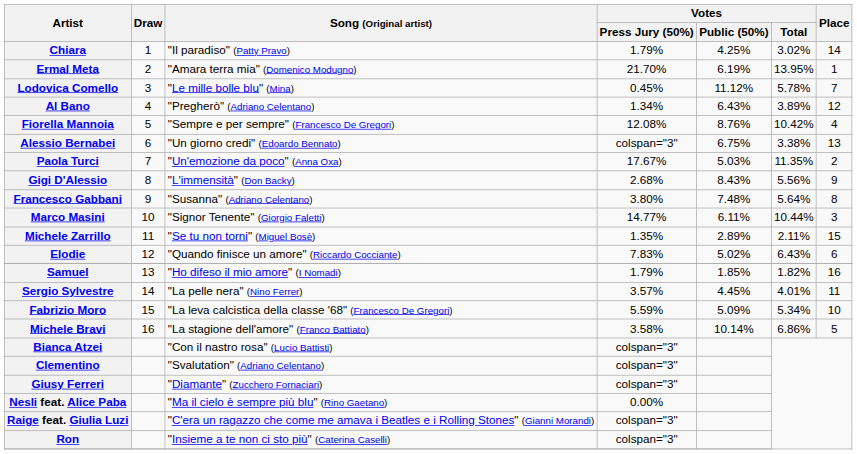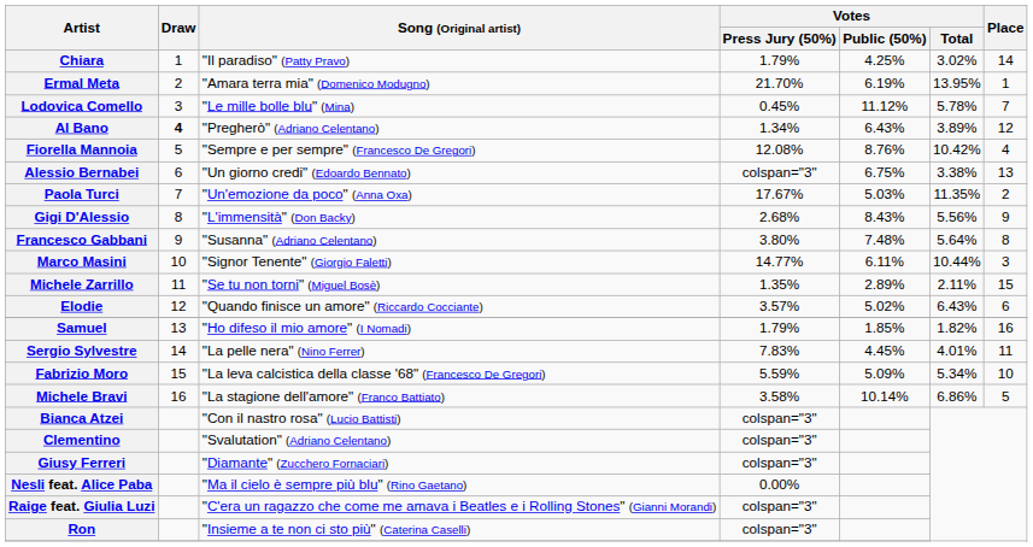 <table class="sortable wikitable plainrowheaders" style="text-align:center;">
 <tr>
 <th rowspan="2">Artist</th>
 <th rowspan="2">Draw</th>
 <th rowspan="2">Song <small>(Original artist)</small></th>
 <th colspan="3" class="unsortable">Votes</th>
 <th rowspan="2">Place</th>
 </tr>
 <tr>
 <th>Press Jury (50%)</th>
 <th>Public (50%)</th>
 <th>Total</th>
 </tr>
 <tr>
 <th scope="row"><a href='#'>Chiara</a></th>
 <td>1</td>
 <td style="text-align:left;">"Il paradiso" <small>(<a href='#'>Patty Pravo</a>)</small></td>
 <td>1.79%</td>
 <td>4.25%</td>
 <td>3.02%</td>
 <td>14</td>
 </tr>
 <tr>
 <th scope="row"><a href='#'>Ermal Meta</a></th>
 <td>2</td>
 <td style="text-align:left;">"Amara terra mia" <small>(<a href='#'>Domenico Modugno</a>)</small></td>
 <td>21.70%</td>
 <td>6.19%</td>
 <td>13.95%</td>
 <td align=center>1</td>
 </tr>
 <tr>
 <th scope="row"><a href='#'>Lodovica Comello</a></th>
 <td>3</td>
 <td style="text-align:left;">"<a href='#'>Le mille bolle blu</a>" <small>(<a href='#'>Mina</a>)</small></td>
 <td>0.45%</td>
 <td>11.12%</td>
 <td>5.78%</td>
 <td>7</td>
 </tr>
 <tr>
 <th scope="row"><a href='#'>Al Bano</a></th>
-<td>4</td>
+<td><strong>4</strong></td>
 <td style="text-align:left;">"Pregherò" <small>(<a href='#'>Adriano Celentano</a>)</small></td>
 <td>1.34%</td>
 <td>6.43%</td>
 <td>3.89%</td>
 <td>12</td>
 </tr>
 <tr>
 <th scope="row"><a href='#'>Fiorella Mannoia</a></th>
 <td>5</td>
 <td style="text-align:left;">"Sempre e per sempre" <small>(<a href='#'>Francesco De Gregori</a>)</small></td>
 <td>12.08%</td>
 <td>8.76%</td>
 <td>10.42%</td>
 <td>4</td>
 </tr>
 <tr>
 <th scope="row"><a href='#'>Alessio Bernabei</a></th>
 <td>6</td>
 <td style="text-align:left;">"Un giorno credi" <small>(<a href='#'>Edoardo Bennato</a>)</small></td>
 <td>colspan="3" </td>
 <td>6.75%</td>
 <td>3.38%</td>
 <td>13</td>
 </tr>
 <tr>
 <th scope="row"><a href='#'>Paola Turci</a></th>
 <td>7</td>
 <td style="text-align:left;">"<a href='#'>Un'emozione da poco</a>" <small>(<a href='#'>Anna Oxa</a>)</small></td>
 <td>17.67%</td>
 <td>5.03%</td>
 <td>11.35%</td>
 <td>2</td>
 </tr>
 <tr>
 <th scope="row"><a href='#'>Gigi D'Alessio</a></th>
 <td>8</td>
 <td style="text-align:left;">"<a href='#'>L'immensità</a>" <small>(<a href='#'>Don Backy</a>)</small></td>
 <td>2.68%</td>
 <td>8.43%</td>
 <td>5.56%</td>
 <td>9</td>
 </tr>
 <tr>
 <th scope="row"><a href='#'>Francesco Gabbani</a></th>
 <td>9</td>
 <td style="text-align:left;">"Susanna" <small>(<a href='#'>Adriano Celentano</a>)</small></td>
 <td>3.80%</td>
 <td>7.48%</td>
 <td>5.64%</td>
 <td>8</td>
 </tr>
 <tr>
 <th scope="row"><a href='#'>Marco Masini</a></th>
 <td>10</td>
 <td style="text-align:left;">"Signor Tenente" <small>(<a href='#'>Giorgio Faletti</a>)</small></td>
 <td>14.77%</td>
 <td>6.11%</td>
 <td>10.44%</td>
 <td>3</td>
 </tr>
 <tr>
 <th scope="row"><a href='#'>Michele Zarrillo</a></th>
 <td>11</td>
 <td style="text-align:left;">"<a href='#'>Se tu non torni</a>" <small>(<a href='#'>Miguel Bosè</a>)</small></td>
 <td>1.35%</td>
 <td>2.89%</td>
 <td>2.11%</td>
 <td>15</td>
 </tr>
 <tr>
 <th scope="row"><a href='#'>Elodie</a></th>
 <td>12</td>
 <td style="text-align:left;">"Quando finisce un amore" <small>(<a href='#'>Riccardo Cocciante</a>)</small></td>
-<td>7.83%</td>
+<td>3.57%</td>
 <td>5.02%</td>
 <td>6.43%</td>
 <td>6</td>
 </tr>
 <tr style="background:#FE8080">
 </tr>
 <tr>
 <th scope="row"><a href='#'>Samuel</a></th>
 <td>13</td>
 <td style="text-align:left;">"<a href='#'>Ho difeso il mio amore</a>" <small>(<a href='#'>I Nomadi</a>)</small></td>
 <td>1.79%</td>
 <td>1.85%</td>
 <td>1.82%</td>
 <td>16</td>
 </tr>
 <tr>
 <th scope="row"><a href='#'>Sergio Sylvestre</a></th>
 <td>14</td>
 <td style="text-align:left;">"La pelle nera" <small>(<a href='#'>Nino Ferrer</a>)</small></td>
-<td>3.57%</td>
+<td>7.83%</td>
 <td>4.45%</td>
 <td>4.01%</td>
 <td>11</td>
 </tr>
 <tr>
 <th scope="row"><a href='#'>Fabrizio Moro</a></th>
 <td>15</td>
 <td style="text-align:left;">"La leva calcistica della classe '68" <small>(<a href='#'>Francesco De Gregori</a>)</small></td>
 <td>5.59%</td>
 <td>5.09%</td>
 <td>5.34%</td>
 <td>10</td>
 </tr>
 <tr>
 <th scope="row"><a href='#'>Michele Bravi</a></th>
 <td>16</td>
 <td style="text-align:left;">"La stagione dell'amore" <small>(<a href='#'>Franco Battiato</a>)</small></td>
 <td>3.58%</td>
 <td>10.14%</td>
 <td>6.86%</td>
 <td>5</td>
 </tr>
 <tr>
 <th scope="row"><a href='#'>Bianca Atzei</a></th>
 <td></td>
 <td style="text-align:left;">"Con il nastro rosa" <small>(<a href='#'>Lucio Battisti</a>)</small></td>
 <td>colspan="3" </td>
 <td></td>
 </tr>
 <tr>
 <th scope="row"><a href='#'>Clementino</a></th>
 <td></td>
 <td style="text-align:left;">"Svalutation" <small>(<a href='#'>Adriano Celentano</a>)</small></td>
 <td>colspan="3" </td>
 <td></td>
 </tr>
 <tr>
 <th scope="row"><a href='#'>Giusy Ferreri</a></th>
 <td></td>
 <td style="text-align:left;">"<a href='#'>Diamante</a>" <small>(<a href='#'>Zucchero Fornaciari</a>)</small></td>
 <td>colspan="3" </td>
 <td></td>
 </tr>
 <tr>
 <th scope="row"><a href='#'>Nesli</a> feat. <a href='#'>Alice Paba</a></th>
 <td></td>
 <td style="text-align:left;">"<a href='#'>Ma il cielo è sempre più blu</a>" <small>(<a href='#'>Rino Gaetano</a>)</small></td>
 <td>0.00%</td>
 <td></td>
 </tr>
 <tr>
 <th scope="row"><a href='#'>Raige</a> feat. <a href='#'>Giulia Luzi</a></th>
 <td></td>
 <td style="text-align:left;">"<a href='#'>C'era un ragazzo che come me amava i Beatles e i Rolling Stones</a>" <small>(<a href='#'>Gianni Morandi</a>)</small></td>
 <td>colspan="3" </td>
 <td></td>
 </tr>
 <tr>
 <th scope="row"><a href='#'>Ron</a></th>
 <td></td>
 <td style="text-align:left;">"<a href='#'>Insieme a te non ci sto più</a>" <small>(<a href='#'>Caterina Caselli</a>)</small></td>
 <td>colspan="3" </td>
 <td></td>
 </tr>
 <tr>
 </tr>
 </table>
